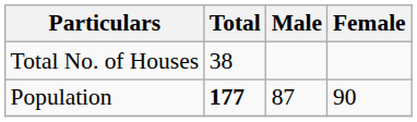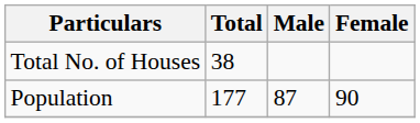 <table class="wikitable sortable">
 <tr>
 <th>Particulars</th>
 <th>Total</th>
 <th>Male</th>
 <th>Female</th>
 </tr>
 <tr>
 <td>Total No. of Houses</td>
 <td>38</td>
 <td></td>
 <td></td>
 </tr>
 <tr>
 <td>Population</td>
-<td><strong>177</strong></td>
+<td>177</td>
 <td>87</td>
 <td>90</td>
 </tr>
 <tr>
 </tr>
 </table>
